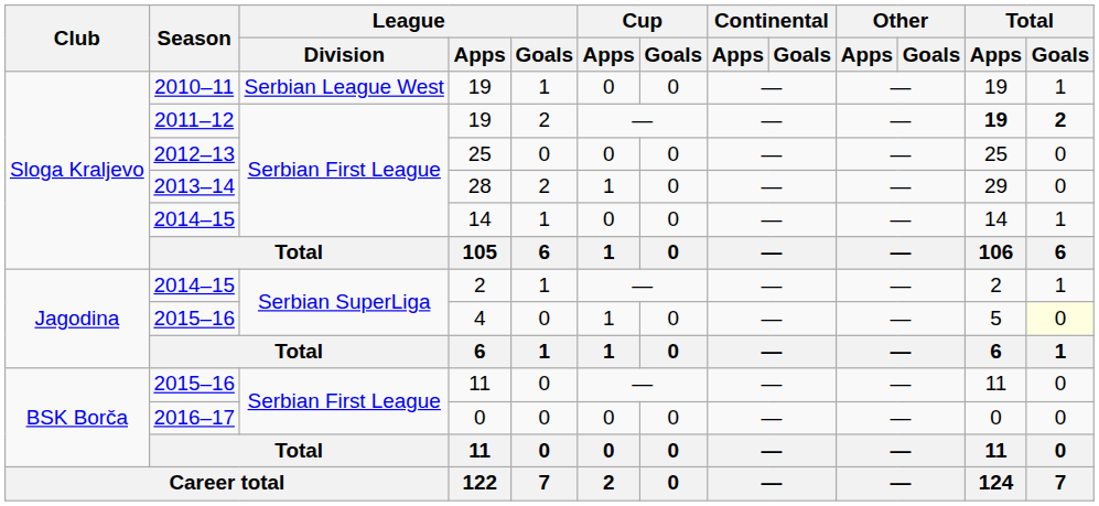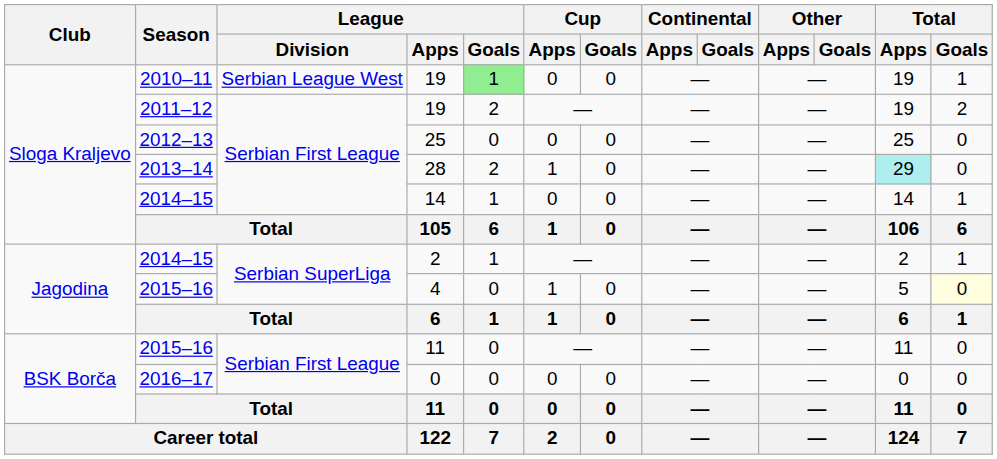 <table class="wikitable" style="text-align:center">
 <tr>
 <th rowspan="2">Club</th>
 <th rowspan="2">Season</th>
 <th colspan="3">League</th>
 <th colspan="2">Cup</th>
 <th colspan="2">Continental</th>
 <th colspan="2">Other</th>
 <th colspan="2">Total</th>
 </tr>
 <tr>
 <th>Division</th>
 <th>Apps</th>
 <th>Goals</th>
 <th>Apps</th>
 <th>Goals</th>
 <th>Apps</th>
 <th>Goals</th>
 <th>Apps</th>
 <th>Goals</th>
 <th>Apps</th>
 <th>Goals</th>
 </tr>
 <tr>
 <td rowspan="6"><a href='#'>Sloga Kraljevo</a></td>
 <td><a href='#'>2010–11</a></td>
 <td><a href='#'>Serbian League West</a></td>
 <td>19</td>
-<td>1</td>
+<td style="background: lightgreen;">1</td>
 <td>0</td>
 <td>0</td>
 <td colspan="2">—</td>
 <td colspan="2">—</td>
 <td>19</td>
 <td>1</td>
 </tr>
 <tr>
 <td><a href='#'>2011–12</a></td>
 <td rowspan=4><a href='#'>Serbian First League</a></td>
 <td>19</td>
 <td>2</td>
 <td colspan="2">—</td>
 <td colspan="2">—</td>
 <td colspan="2">—</td>
-<td><strong>19</strong></td>
-<td><strong>2</strong></td>
+<td>19</td>
+<td>2</td>
 </tr>
 <tr>
 <td><a href='#'>2012–13</a></td>
 <td>25</td>
 <td>0</td>
 <td>0</td>
 <td>0</td>
 <td colspan="2">—</td>
 <td colspan="2">—</td>
 <td>25</td>
 <td>0</td>
 </tr>
 <tr>
 <td><a href='#'>2013–14</a></td>
 <td>28</td>
 <td>2</td>
 <td>1</td>
 <td>0</td>
 <td colspan="2">—</td>
 <td colspan="2">—</td>
-<td>29</td>
+<td style="background: paleturquoise;">29</td>
 <td>0</td>
 </tr>
 <tr>
 <td><a href='#'>2014–15</a></td>
 <td>14</td>
 <td>1</td>
 <td>0</td>
 <td>0</td>
 <td colspan="2">—</td>
 <td colspan="2">—</td>
 <td>14</td>
 <td>1</td>
 </tr>
 <tr>
 <th colspan="2">Total</th>
 <th>105</th>
 <th>6</th>
 <th>1</th>
 <th>0</th>
 <th colspan="2">—</th>
 <th colspan="2">—</th>
 <th>106</th>
 <th>6</th>
 </tr>
 <tr>
 <td rowspan="3"><a href='#'>Jagodina</a></td>
 <td><a href='#'>2014–15</a></td>
 <td rowspan=2><a href='#'>Serbian SuperLiga</a></td>
 <td>2</td>
 <td>1</td>
 <td colspan="2">—</td>
 <td colspan="2">—</td>
 <td colspan="2">—</td>
 <td>2</td>
 <td>1</td>
 </tr>
 <tr>
 <td><a href='#'>2015–16</a></td>
 <td>4</td>
 <td>0</td>
 <td>1</td>
 <td>0</td>
 <td colspan="2">—</td>
 <td colspan="2">—</td>
 <td>5</td>
 <td style="background: lightyellow;">0</td>
 </tr>
 <tr>
 <th colspan="2">Total</th>
 <th>6</th>
 <th>1</th>
 <th>1</th>
 <th>0</th>
 <th colspan="2">—</th>
 <th colspan="2">—</th>
 <th>6</th>
 <th>1</th>
 </tr>
 <tr>
 <td rowspan="3"><a href='#'>BSK Borča</a></td>
 <td><a href='#'>2015–16</a></td>
 <td rowspan=2><a href='#'>Serbian First League</a></td>
 <td>11</td>
 <td>0</td>
 <td colspan="2">—</td>
 <td colspan="2">—</td>
 <td colspan="2">—</td>
 <td>11</td>
 <td>0</td>
 </tr>
 <tr>
 <td><a href='#'>2016–17</a></td>
 <td>0</td>
 <td>0</td>
 <td>0</td>
 <td>0</td>
 <td colspan="2">—</td>
 <td colspan="2">—</td>
 <td>0</td>
 <td>0</td>
 </tr>
 <tr>
 <th colspan="2">Total</th>
 <th>11</th>
 <th>0</th>
 <th>0</th>
 <th>0</th>
 <th colspan="2">—</th>
 <th colspan="2">—</th>
 <th>11</th>
 <th>0</th>
 </tr>
 <tr>
 <th colspan="3">Career total</th>
 <th>122</th>
 <th>7</th>
 <th>2</th>
 <th>0</th>
 <th colspan="2">—</th>
 <th colspan="2">—</th>
 <th>124</th>
 <th>7</th>
 </tr>
 </table>
